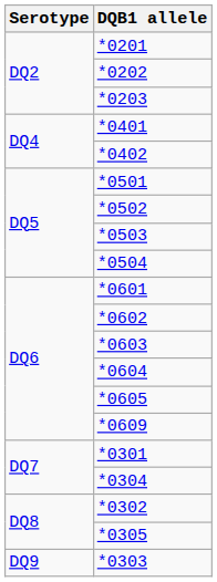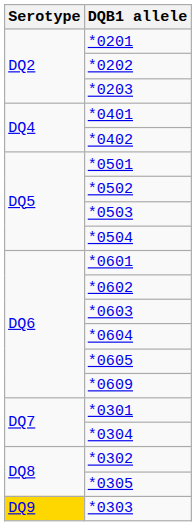 <table class = "wikitable">
 <tr>
 <th>Serotype</th>
 <th>DQB1 allele</th>
 </tr>
 <tr>
 <td Rowspan = 3><a href='#'>DQ2</a></td>
 <td><a href='#'>*0201</a></td>
 </tr>
 <tr>
 <td><a href='#'>*0202</a></td>
 </tr>
 <tr>
 <td><a href='#'>*0203</a></td>
 </tr>
 <tr>
 <td Rowspan = 2><a href='#'>DQ4</a></td>
 <td><a href='#'>*0401</a></td>
 </tr>
 <tr>
 <td><a href='#'>*0402</a></td>
 </tr>
 <tr>
 <td Rowspan = 4><a href='#'>DQ5</a></td>
 <td><a href='#'>*0501</a></td>
 </tr>
 <tr>
 <td><a href='#'>*0502</a></td>
 </tr>
 <tr>
 <td><a href='#'>*0503</a></td>
 </tr>
 <tr>
 <td><a href='#'>*0504</a></td>
 </tr>
 <tr>
 <td Rowspan = 6><a href='#'>DQ6</a></td>
 <td><a href='#'>*0601</a></td>
 </tr>
 <tr>
 <td><a href='#'>*0602</a></td>
 </tr>
 <tr>
 <td><a href='#'>*0603</a></td>
 </tr>
 <tr>
 <td><a href='#'>*0604</a></td>
 </tr>
 <tr>
 <td><a href='#'>*0605</a></td>
 </tr>
 <tr>
 <td><a href='#'>*0609</a></td>
 </tr>
 <tr>
 <td Rowspan = 2><a href='#'>DQ7</a></td>
 <td><a href='#'>*0301</a></td>
 </tr>
 <tr>
 <td><a href='#'>*0304</a></td>
 </tr>
 <tr>
 <td Rowspan = 2><a href='#'>DQ8</a></td>
 <td><a href='#'>*0302</a></td>
 </tr>
 <tr>
 <td><a href='#'>*0305</a></td>
 </tr>
 <tr>
-<td><a href='#'>DQ9</a></td>
+<td style="background: gold;"><a href='#'>DQ9</a></td>
 <td><a href='#'>*0303</a></td>
 </tr>
 </table>
